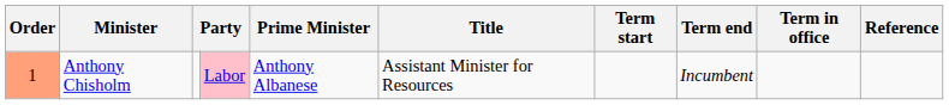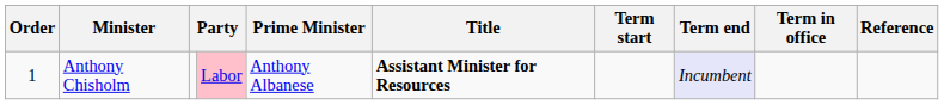 <table class="wikitable">
 <tr>
 <th>Order</th>
 <th>Minister</th>
 <th colspan="2">Party</th>
 <th>Prime Minister</th>
 <th>Title</th>
 <th>Term start</th>
 <th>Term end</th>
 <th>Term in office</th>
 <th>Reference</th>
 </tr>
 <tr>
-<td align=center style="background: lightsalmon;">1</td>
+<td align=center>1</td>
 <td><a href='#'>Anthony Chisholm</a></td>
 <td></td>
 <td style="background: pink;"><a href='#'>Labor</a></td>
 <td><a href='#'>Anthony Albanese</a></td>
-<td>Assistant Minister for Resources</td>
+<td><strong>Assistant Minister for Resources</strong></td>
 <td align=center></td>
-<td align=center><em>Incumbent</em></td>
+<td align=center style="background: lavender;"><em>Incumbent</em></td>
 <td align=right></td>
 <td align=center></td>
 </tr>
 </table>
